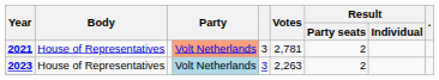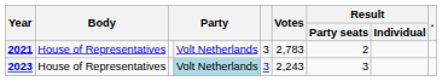 <table class="wikitable plainrowheaders sortable" border=2 cellpadding=4 cellspacing=0 style="border: 1px #aaa solid; font-size: 90%; text-align:center;">
 <tr>
 <th scope="col" rowspan=2>Year</th>
 <th scope="col" rowspan=2>Body</th>
 <th scope="col" colspan=2 rowspan=2>Party</th>
 <th scope="col" rowspan=2></th>
 <th scope="col" rowspan=2>Votes</th>
 <th scope="colgroup" colspan=2>Result</th>
 <th scope="col" rowspan=2 class="unsortable">.</th>
 </tr>
 <tr>
 <th scope="col">Party seats</th>
 <th scope="col">Individual</th>
 </tr>
 <tr>
 <th scope="row"><a href='#'>2021</a></th>
 <td><a href='#'>House of Representatives</a></td>
 <td style="background-color:"></td>
-<td style="background: lightsalmon;"><a href='#'>Volt Netherlands</a></td>
+<td><a href='#'>Volt Netherlands</a></td>
 <td style=text-align:right>3</td>
-<td style=text-align:right>2,781</td>
+<td style=text-align:right>2,783</td>
 <td style=text-align:right>2</td>
 <td></td>
 <td></td>
 </tr>
 <tr>
 <th scope="row"><a href='#'>2023</a></th>
 <td>House of Representatives</td>
 <td style="background-color:"></td>
 <td style="background: lightblue;">Volt Netherlands</td>
 <td style=text-align:right><a href='#'>3</a></td>
-<td style=text-align:right>2,263</td>
-<td style=text-align:right>2</td>
+<td style=text-align:right>2,243</td>
+<td style=text-align:right>3</td>
 <td></td>
 <td></td>
 </tr>
 </table>
